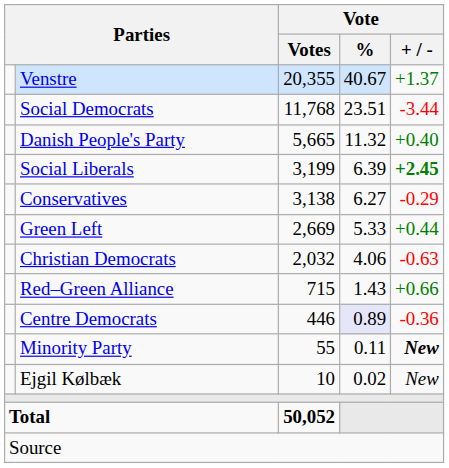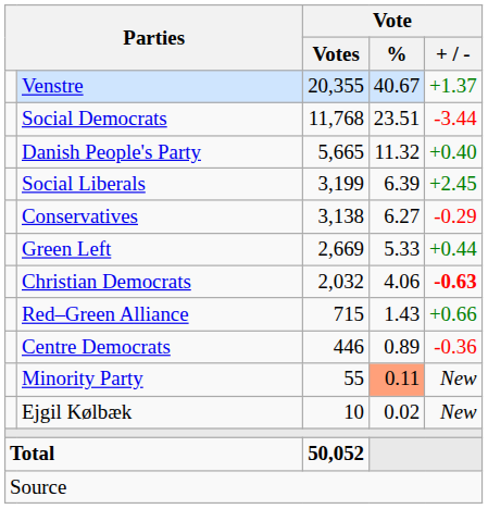 <table class="wikitable" style="text-align:right;">
 <tr>
 <th style="text-align:centre;" rowspan="2" colspan="2" width="225">Parties</th>
 <th colspan="3">Vote</th>
 </tr>
 <tr>
 <th width="15">Votes</th>
 <th width="15">%</th>
 <th width="15">+ / -</th>
 </tr>
 <tr>
 <td width="2" style="color:inherit;background:"></td>
 <td bgcolor=#cfe5fe  align="left"><a href='#'>Venstre</a></td>
 <td bgcolor=#cfe5fe>20,355</td>
 <td bgcolor=#cfe5fe>40.67</td>
 <td style=color:green;>+1.37</td>
 </tr>
 <tr>
 <td width="2" style="color:inherit;background:"></td>
 <td align="left"><a href='#'>Social Democrats</a></td>
 <td>11,768</td>
 <td>23.51</td>
 <td style=color:red;>-3.44</td>
 </tr>
 <tr>
 <td width="2" style="color:inherit;background:"></td>
 <td align="left"><a href='#'>Danish People's Party</a></td>
 <td>5,665</td>
 <td>11.32</td>
 <td style=color:green;>+0.40</td>
 </tr>
 <tr>
 <td width="2" style="color:inherit;background:"></td>
 <td align="left"><a href='#'>Social Liberals</a></td>
 <td>3,199</td>
 <td>6.39</td>
-<td style=color:green;><strong>+2.45</strong></td>
+<td style=color:green;>+2.45</td>
 </tr>
 <tr>
 <td width="2" style="color:inherit;background:"></td>
 <td align="left"><a href='#'>Conservatives</a></td>
 <td>3,138</td>
 <td>6.27</td>
 <td style=color:red;>-0.29</td>
 </tr>
 <tr>
 <td width="2" style="color:inherit;background:"></td>
 <td align="left"><a href='#'>Green Left</a></td>
 <td>2,669</td>
 <td>5.33</td>
 <td style=color:green;>+0.44</td>
 </tr>
 <tr>
 <td width="2" style="color:inherit;background:"></td>
 <td align="left"><a href='#'>Christian Democrats</a></td>
 <td>2,032</td>
 <td>4.06</td>
-<td style=color:red;>-0.63</td>
+<td style=color:red;><strong>-0.63</strong></td>
 </tr>
 <tr>
 <td width="2" style="color:inherit;background:"></td>
 <td align="left"><a href='#'>Red–Green Alliance</a></td>
 <td>715</td>
 <td>1.43</td>
 <td style=color:green;>+0.66</td>
 </tr>
 <tr>
 <td width="2" style="color:inherit;background:"></td>
 <td align="left"><a href='#'>Centre Democrats</a></td>
 <td>446</td>
-<td style="background: lavender;">0.89</td>
+<td>0.89</td>
 <td style=color:red;>-0.36</td>
 </tr>
 <tr>
 <td width="2" style="color:inherit;background:"></td>
 <td align="left"><a href='#'>Minority Party</a></td>
 <td>55</td>
-<td>0.11</td>
-<td><strong><em>New</em></strong></td>
+<td style="background: lightsalmon;">0.11</td>
+<td><em>New</em></td>
 </tr>
 <tr>
 <td width="2" style="color:inherit;background:"></td>
 <td align="left">Ejgil Kølbæk</td>
 <td>10</td>
 <td>0.02</td>
 <td><em>New</em></td>
 </tr>
 <tr>
 <td colspan="7" bgcolor="#E9E9E9"></td>
 </tr>
 <tr>
 <td align="left" colspan="2"><strong>Total</strong></td>
 <td><strong>50,052</strong></td>
 <td bgcolor="#E9E9E9" colspan="2"></td>
 </tr>
 <tr>
 <td align="left" colspan="6">Source</td>
 </tr>
 </table>
